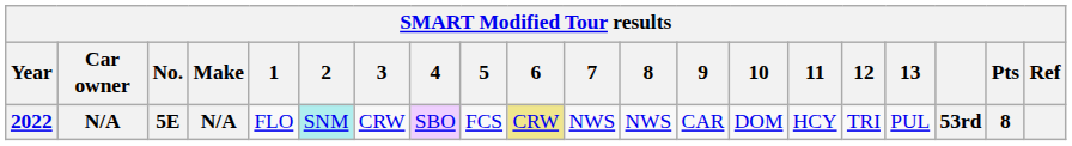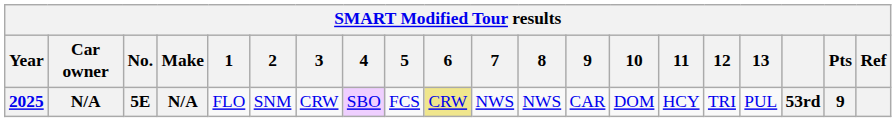 <table class="wikitable" style="text-align:center; font-size:75%">
 <tr>
 <th colspan=38><a href='#'>SMART Modified Tour</a> results</th>
 </tr>
 <tr>
 <th>Year</th>
 <th>Car owner</th>
 <th>No.</th>
 <th>Make</th>
 <th>1</th>
 <th>2</th>
 <th>3</th>
 <th>4</th>
 <th>5</th>
 <th>6</th>
 <th>7</th>
 <th>8</th>
 <th>9</th>
 <th>10</th>
 <th>11</th>
 <th>12</th>
 <th>13</th>
 <th></th>
 <th>Pts</th>
 <th>Ref</th>
 </tr>
 <tr>
-<th><a href='#'>2022</a></th>
+<th><a href='#'>2025</a></th>
 <th>N/A</th>
 <th>5E</th>
 <th>N/A</th>
 <td><a href='#'>FLO</a></td>
-<td style="background: paleturquoise;"><a href='#'>SNM</a></td>
+<td><a href='#'>SNM</a></td>
 <td><a href='#'>CRW</a></td>
 <td style="background:#EFCFFF;"><a href='#'>SBO</a><br></td>
 <td><a href='#'>FCS</a></td>
 <td style="background: khaki;"><a href='#'>CRW</a></td>
 <td><a href='#'>NWS</a></td>
 <td><a href='#'>NWS</a></td>
 <td><a href='#'>CAR</a></td>
 <td><a href='#'>DOM</a></td>
 <td><a href='#'>HCY</a></td>
 <td><a href='#'>TRI</a></td>
 <td><a href='#'>PUL</a></td>
 <th>53rd</th>
-<th>8</th>
+<th>9</th>
 <th></th>
 </tr>
 </table>
